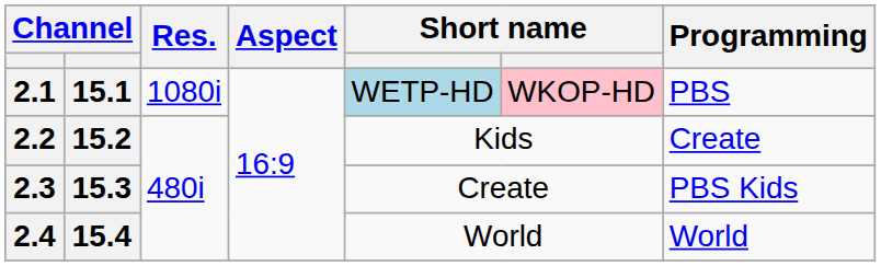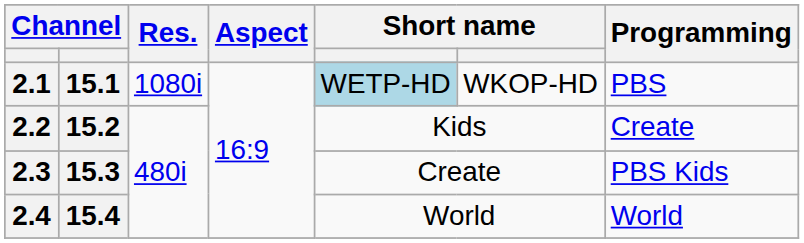 <table class="wikitable">
 <tr>
 <th scope = "col" colspan="2"><a href='#'>Channel</a></th>
 <th scope = "col" rowspan="2"><a href='#'>Res.</a></th>
 <th scope = "col" rowspan="2"><a href='#'>Aspect</a></th>
 <th scope = "col" colspan="2">Short name</th>
 <th scope = "col" rowspan="2">Programming</th>
 </tr>
 <tr>
 <th scope = "col"></th>
 <th></th>
 <th scope = "col"></th>
 <th></th>
 </tr>
 <tr>
 <th scope = "row">2.1</th>
 <th>15.1</th>
 <td><a href='#'>1080i</a></td>
 <td rowspan=4><a href='#'>16:9</a></td>
 <td style="background: lightblue;">WETP-HD</td>
-<td style="background: pink;">WKOP-HD</td>
+<td>WKOP-HD</td>
 <td><a href='#'>PBS</a></td>
 </tr>
 <tr>
 <th scope = "row">2.2</th>
 <th>15.2</th>
 <td rowspan=3><a href='#'>480i</a></td>
 <td style="text-align: center;" colspan=2>Kids</td>
 <td><a href='#'>Create</a></td>
 </tr>
 <tr>
 <th scope = "row">2.3</th>
 <th>15.3</th>
 <td style="text-align: center;" colspan=2>Create</td>
 <td><a href='#'>PBS Kids</a></td>
 </tr>
 <tr>
 <th scope = "row">2.4</th>
 <th>15.4</th>
 <td style="text-align: center;" colspan=2>World</td>
 <td><a href='#'>World</a></td>
 </tr>
 </table>
